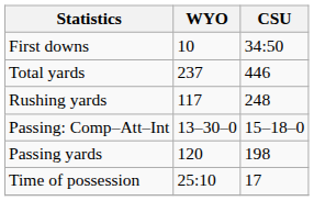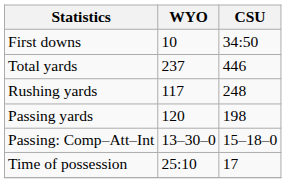 <table class="wikitable" style="float: left;">
 <tr>
 <th>Statistics</th>
 <th>WYO</th>
 <th>CSU</th>
 </tr>
 <tr>
 <td>First downs</td>
 <td>10</td>
 <td>34:50</td>
 </tr>
 <tr>
 <td>Total yards</td>
 <td>237</td>
 <td>446</td>
 </tr>
 <tr>
 <td>Rushing yards</td>
 <td>117</td>
 <td>248</td>
 </tr>
 <tr>
+<td>Passing yards</td>
+<td>120</td>
+<td>198</td>
+</tr>
+<tr>
 <td>Passing: Comp–Att–Int</td>
 <td>13–30–0</td>
 <td>15–18–0</td>
-</tr>
-<tr>
-<td>Passing yards</td>
-<td>120</td>
-<td>198</td>
 </tr>
 <tr>
 <td>Time of possession</td>
 <td>25:10</td>
 <td>17</td>
 </tr>
 <tr>
 </tr>
 </table>
